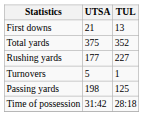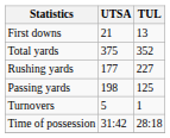 <table class="wikitable" style="float: left;">
 <tr>
 <th>Statistics</th>
 <th>UTSA</th>
 <th>TUL</th>
 </tr>
 <tr>
 <td>First downs</td>
 <td>21</td>
 <td>13</td>
 </tr>
 <tr>
 <td>Total yards</td>
 <td>375</td>
 <td>352</td>
 </tr>
 <tr>
 <td>Rushing yards</td>
 <td>177</td>
 <td>227</td>
 </tr>
 <tr>
+<td>Passing yards</td>
+<td>198</td>
+<td>125</td>
+</tr>
+<tr>
 <td>Turnovers</td>
 <td>5</td>
 <td>1</td>
-</tr>
-<tr>
-<td>Passing yards</td>
-<td>198</td>
-<td>125</td>
 </tr>
 <tr>
 <td>Time of possession</td>
 <td>31:42</td>
 <td>28:18</td>
 </tr>
 <tr>
 </tr>
 </table>
